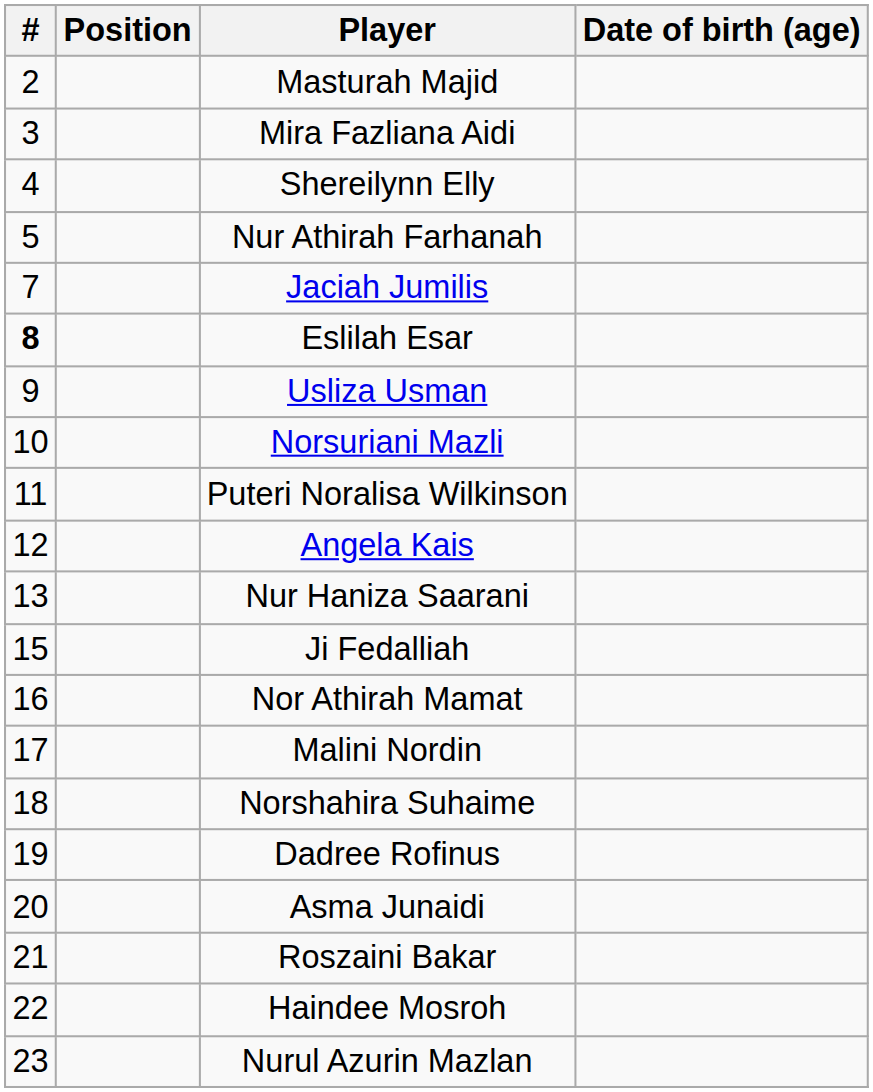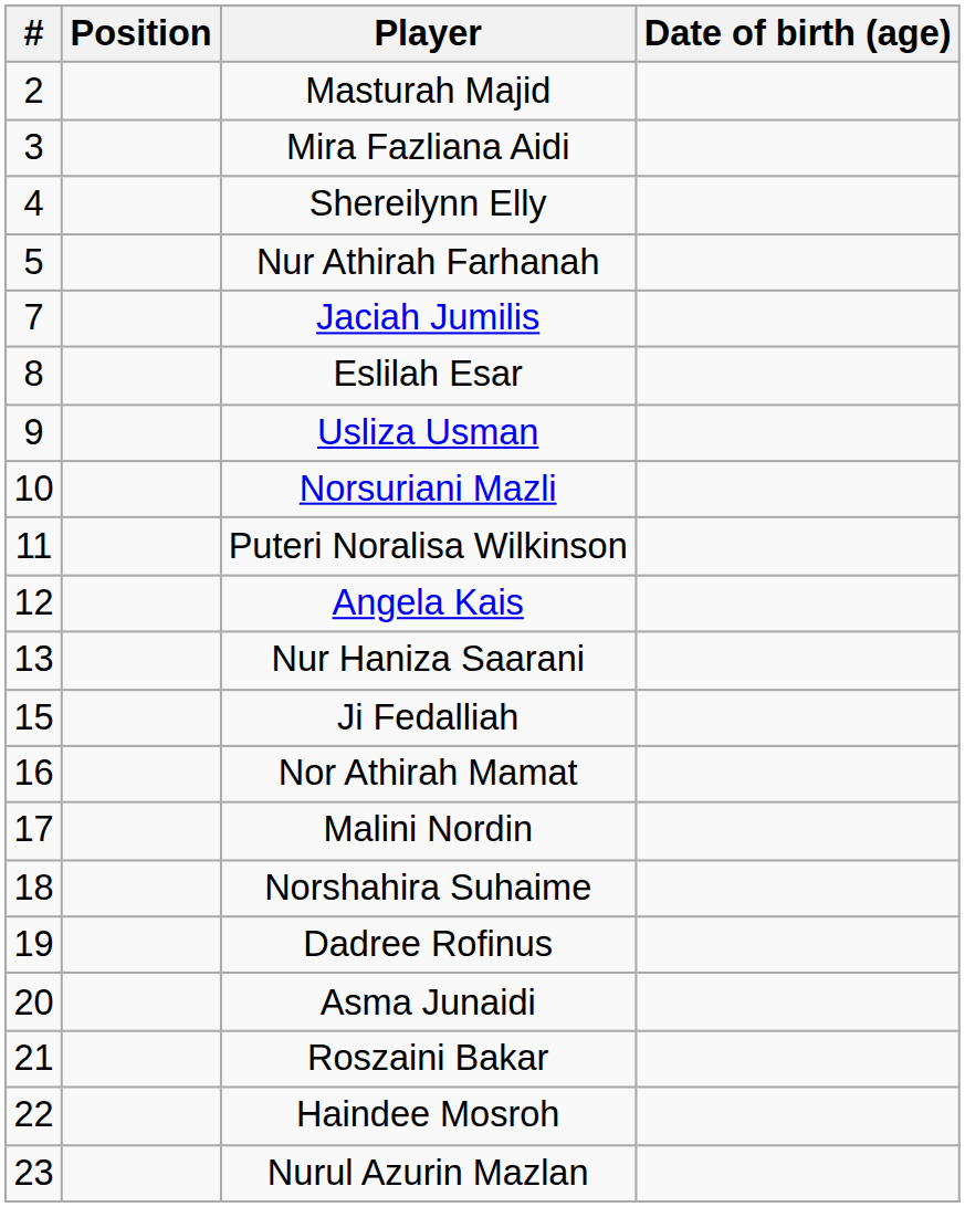 <table class="wikitable sortable" style="text-align: center;">
 <tr>
 <th>#</th>
 <th>Position</th>
 <th>Player</th>
 <th>Date of birth (age)</th>
 </tr>
 <tr>
 <td>2</td>
 <td></td>
 <td>Masturah Majid</td>
 <td></td>
 </tr>
 <tr>
 <td>3</td>
 <td></td>
 <td>Mira Fazliana Aidi</td>
 <td></td>
 </tr>
 <tr>
 <td>4</td>
 <td></td>
 <td>Shereilynn Elly</td>
 <td></td>
 </tr>
 <tr>
 <td>5</td>
 <td></td>
 <td>Nur Athirah Farhanah</td>
 <td></td>
 </tr>
 <tr>
 <td>7</td>
 <td></td>
 <td><a href='#'>Jaciah Jumilis</a></td>
 <td></td>
 </tr>
 <tr>
-<td><strong>8</strong></td>
+<td>8</td>
 <td></td>
 <td>Eslilah Esar</td>
 <td></td>
 </tr>
 <tr>
 <td>9</td>
 <td></td>
 <td><a href='#'>Usliza Usman</a></td>
 <td></td>
 </tr>
 <tr>
 <td>10</td>
 <td></td>
 <td><a href='#'>Norsuriani Mazli</a></td>
 <td></td>
 </tr>
 <tr>
 <td>11</td>
 <td></td>
 <td>Puteri Noralisa Wilkinson</td>
 <td></td>
 </tr>
 <tr>
 <td>12</td>
 <td></td>
 <td><a href='#'>Angela Kais</a></td>
 <td></td>
 </tr>
 <tr>
 <td>13</td>
 <td></td>
 <td>Nur Haniza Saarani</td>
 <td></td>
 </tr>
 <tr>
 <td>15</td>
 <td></td>
 <td>Ji Fedalliah</td>
 <td></td>
 </tr>
 <tr>
 <td>16</td>
 <td></td>
 <td>Nor Athirah Mamat</td>
 <td></td>
 </tr>
 <tr>
 <td>17</td>
 <td></td>
 <td>Malini Nordin</td>
 <td></td>
 </tr>
 <tr>
 <td>18</td>
 <td></td>
 <td>Norshahira Suhaime</td>
 <td></td>
 </tr>
 <tr>
 <td>19</td>
 <td></td>
 <td>Dadree Rofinus</td>
 <td></td>
 </tr>
 <tr>
 <td>20</td>
 <td></td>
 <td>Asma Junaidi</td>
 <td></td>
 </tr>
 <tr>
 <td>21</td>
 <td></td>
 <td>Roszaini Bakar</td>
 <td></td>
 </tr>
 <tr>
 <td>22</td>
 <td></td>
 <td>Haindee Mosroh</td>
 <td></td>
 </tr>
 <tr>
 <td>23</td>
 <td></td>
 <td>Nurul Azurin Mazlan</td>
 <td></td>
 </tr>
 <tr>
 </tr>
 </table>
